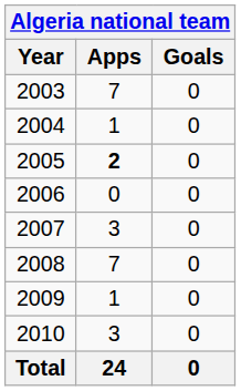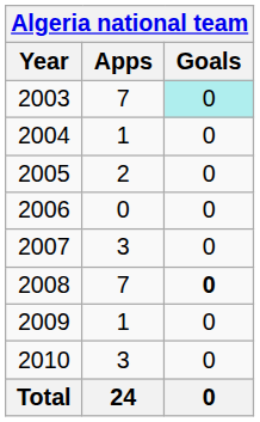 <table class="wikitable" style="text-align:center">
 <tr>
 <th colspan=3><a href='#'>Algeria national team</a></th>
 </tr>
 <tr>
 <th>Year</th>
 <th>Apps</th>
 <th>Goals</th>
 </tr>
 <tr>
 <td>2003</td>
 <td>7</td>
-<td>0</td>
+<td style="background: paleturquoise;">0</td>
 </tr>
 <tr>
 <td>2004</td>
 <td>1</td>
 <td>0</td>
 </tr>
 <tr>
 <td>2005</td>
-<td><strong>2</strong></td>
+<td>2</td>
 <td>0</td>
 </tr>
 <tr>
 <td>2006</td>
 <td>0</td>
 <td>0</td>
 </tr>
 <tr>
 <td>2007</td>
 <td>3</td>
 <td>0</td>
 </tr>
 <tr>
 <td>2008</td>
 <td>7</td>
-<td>0</td>
+<td><strong>0</strong></td>
 </tr>
 <tr>
 <td>2009</td>
 <td>1</td>
 <td>0</td>
 </tr>
 <tr>
 <td>2010</td>
 <td>3</td>
 <td>0</td>
 </tr>
 <tr>
 <th>Total</th>
 <th>24</th>
 <th>0</th>
 </tr>
 </table>
